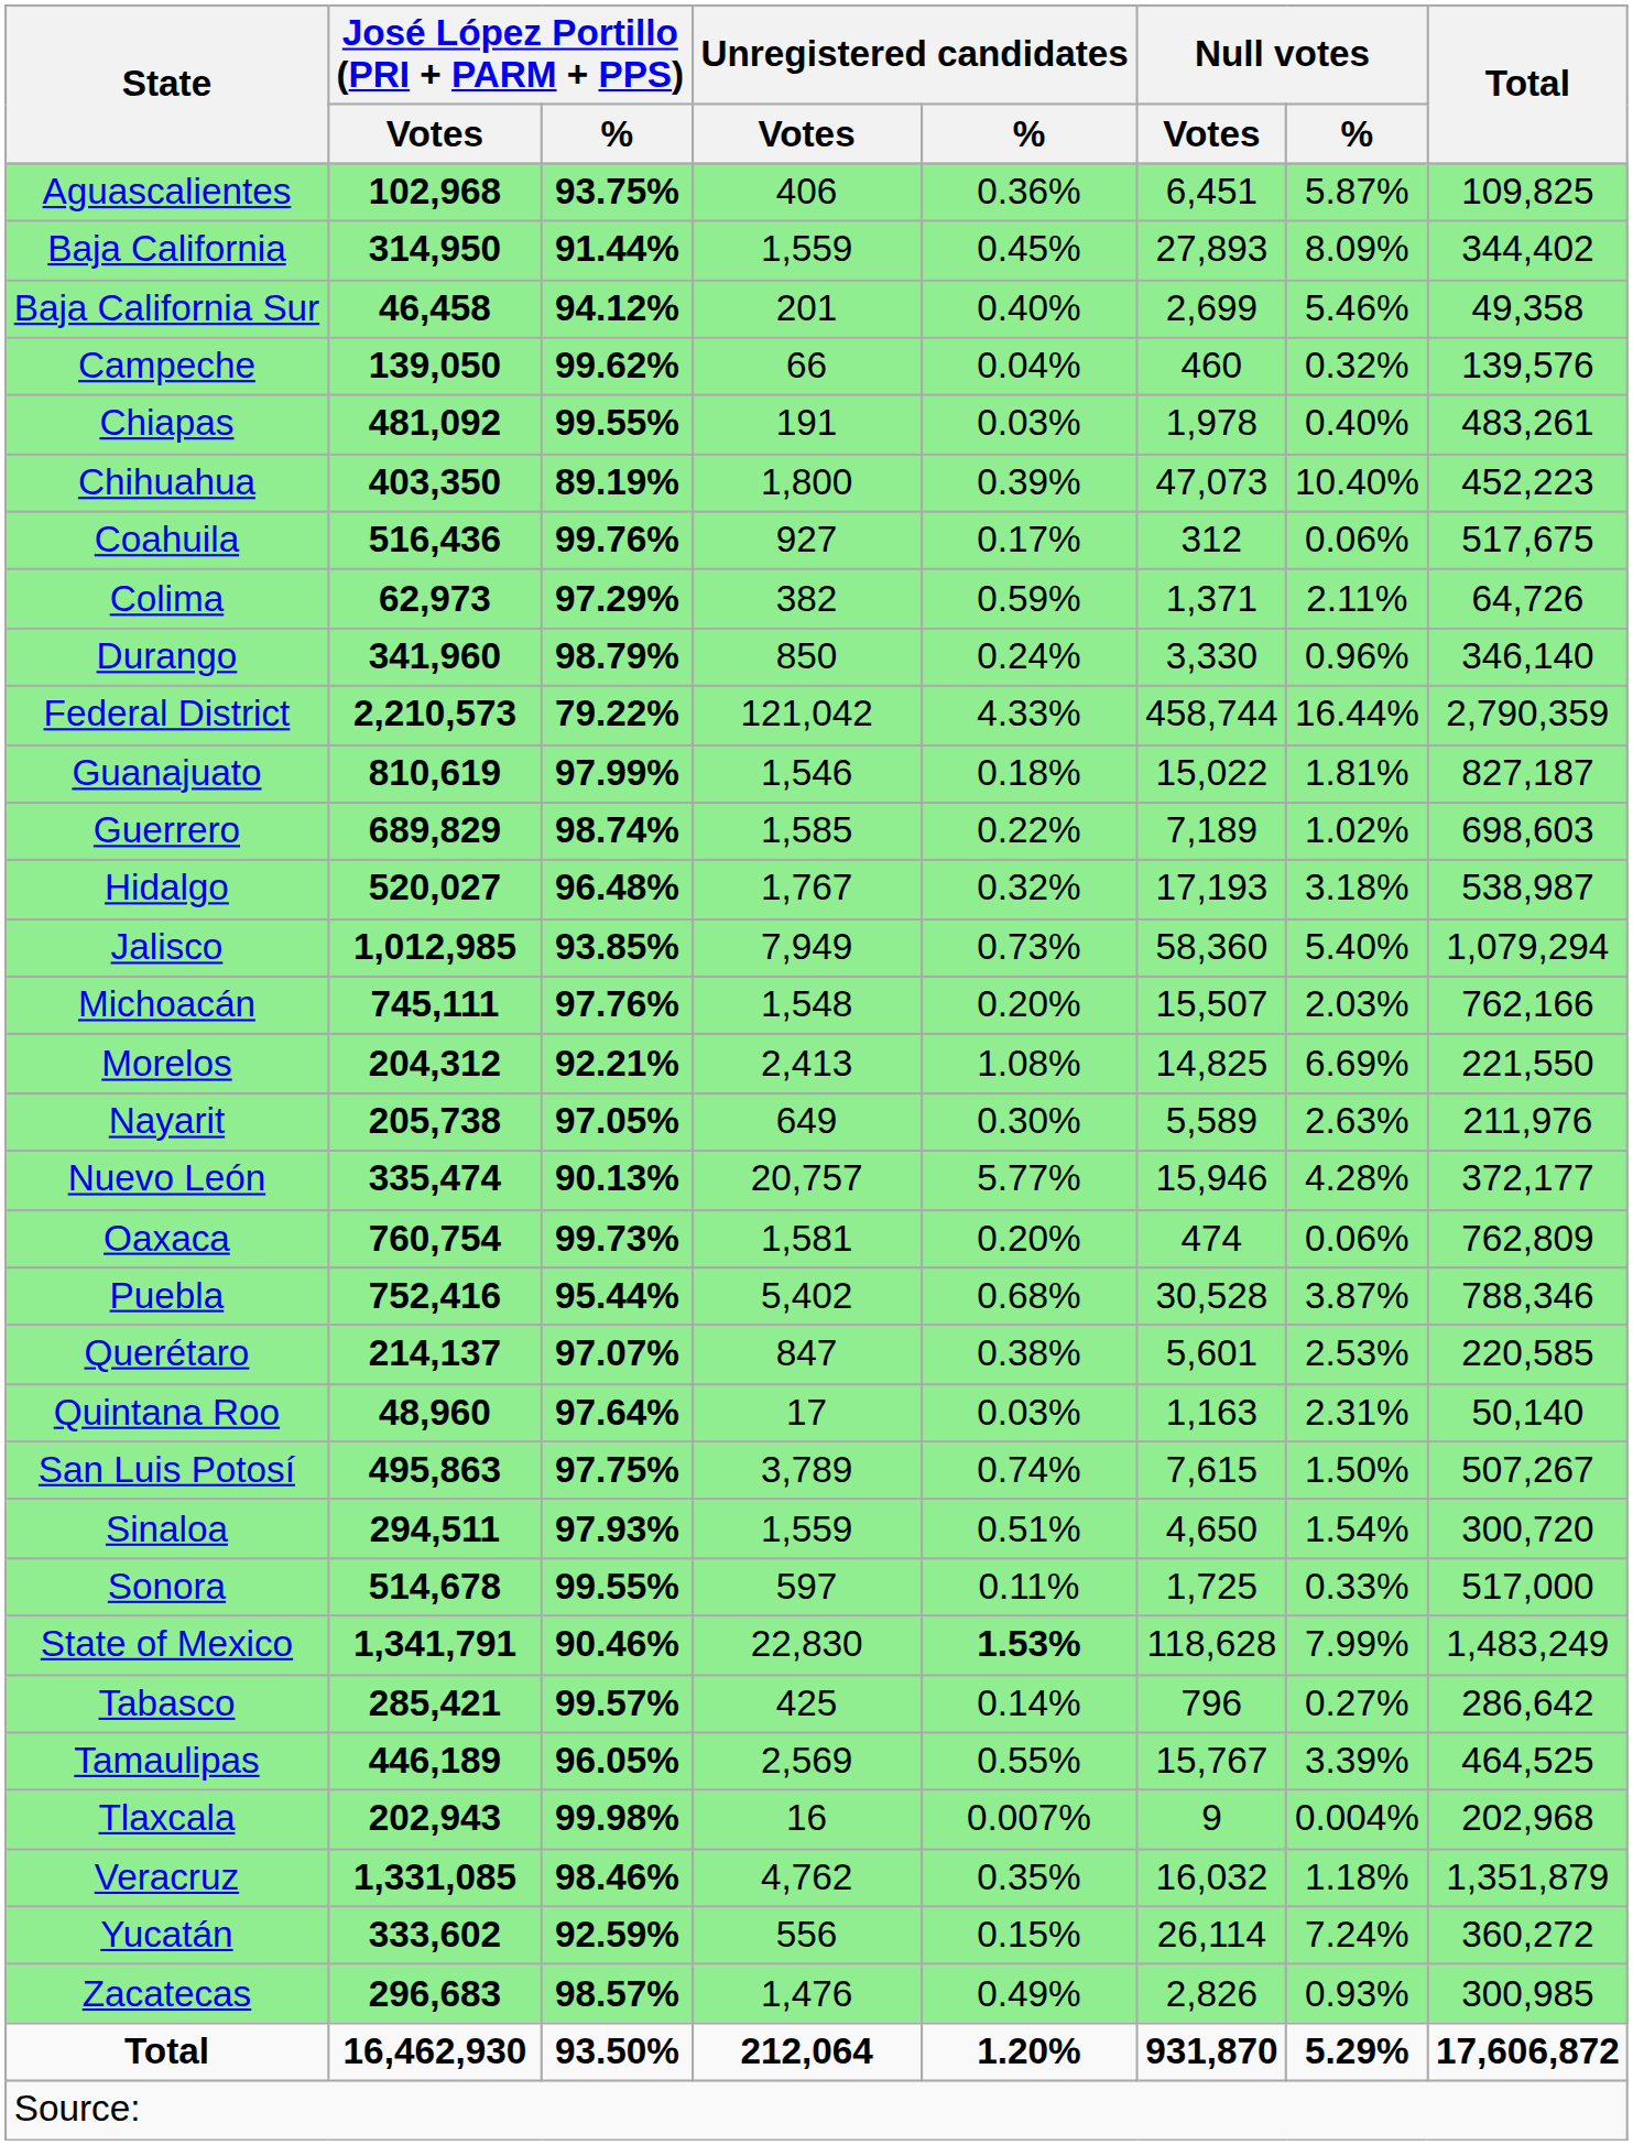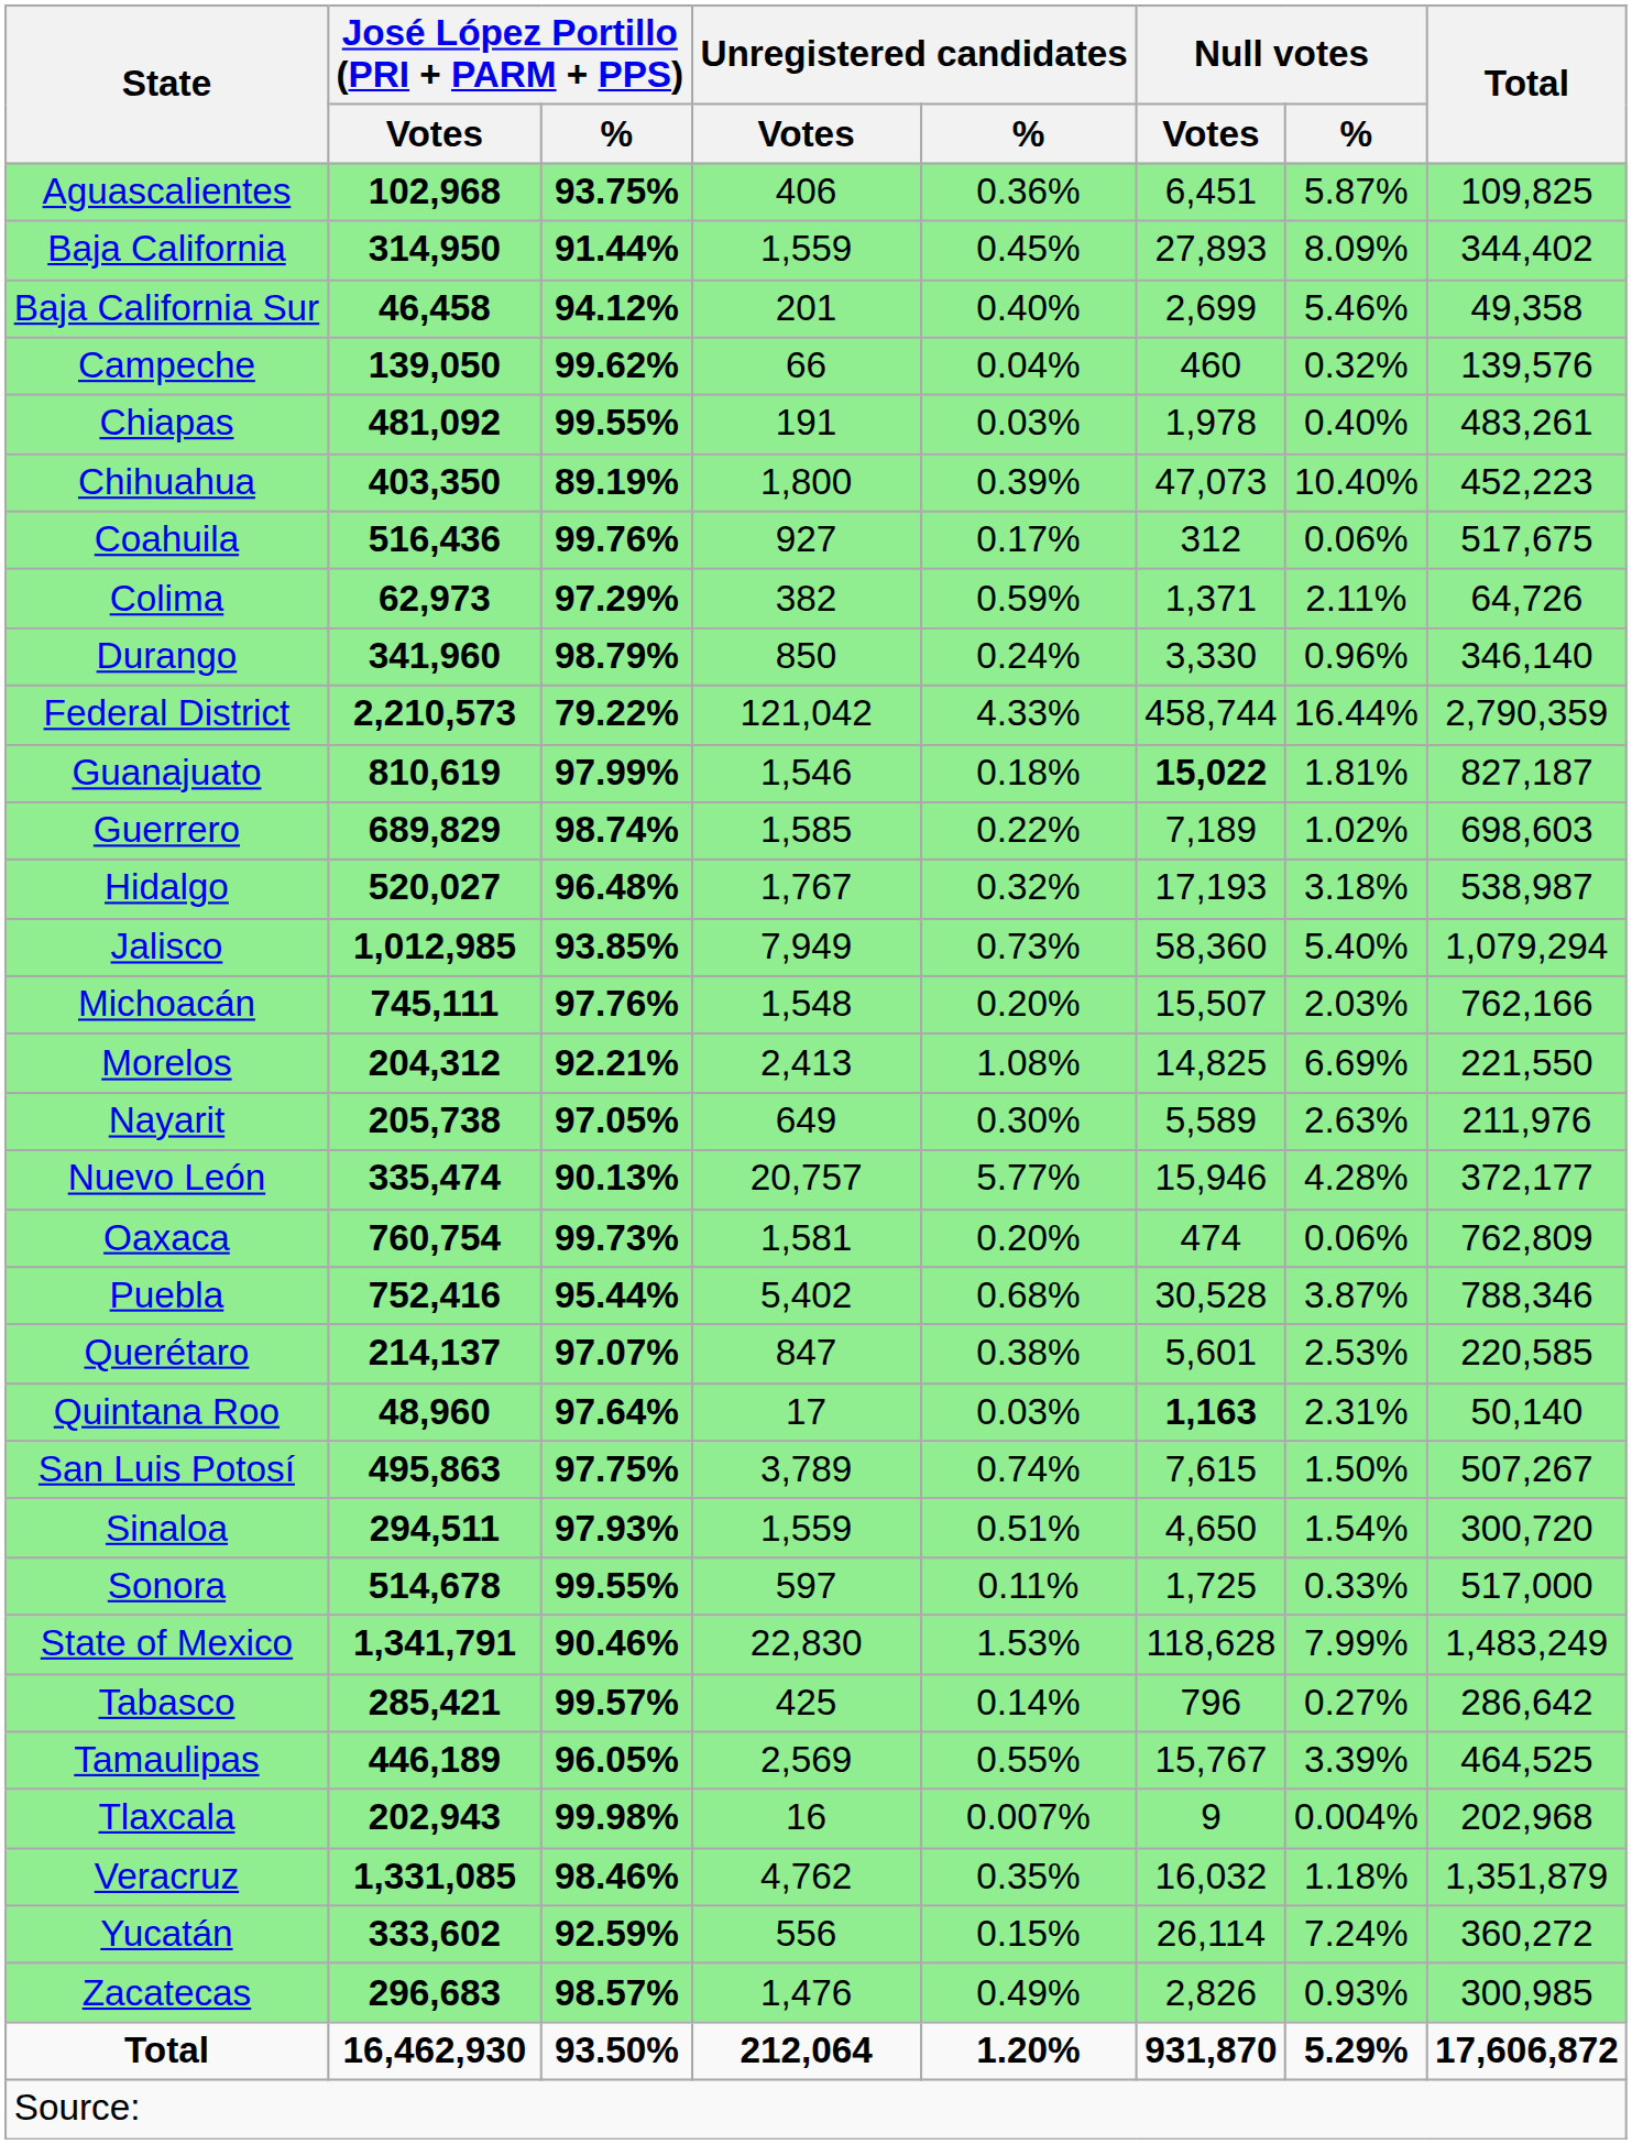 <table class="wikitable sortable" style="text-align: center;">
 <tr>
 <th rowspan=2>State</th>
 <th colspan=2><a href='#'>José López Portillo</a><br>(<a href='#'>PRI</a> + <a href='#'>PARM</a> + <a href='#'>PPS</a>)</th>
 <th colspan=2>Unregistered candidates</th>
 <th colspan=2>Null votes</th>
 <th rowspan=2 colspan=1>Total</th>
 </tr>
 <tr>
 <th>Votes</th>
 <th>%</th>
 <th>Votes</th>
 <th>%</th>
 <th>Votes</th>
 <th>%</th>
 </tr>
 <tr bgcolor=lightgreen>
 <td><a href='#'>Aguascalientes</a></td>
 <td><strong>102,968</strong></td>
 <td><strong>93.75%</strong></td>
 <td>406</td>
 <td>0.36%</td>
 <td>6,451</td>
 <td>5.87%</td>
 <td>109,825</td>
 </tr>
 <tr bgcolor=lightgreen>
 <td><a href='#'>Baja California</a></td>
 <td><strong>314,950</strong></td>
 <td><strong>91.44%</strong></td>
 <td>1,559</td>
 <td>0.45%</td>
 <td>27,893</td>
 <td>8.09%</td>
 <td>344,402</td>
 </tr>
 <tr bgcolor=lightgreen>
 <td><a href='#'>Baja California Sur</a></td>
 <td><strong>46,458</strong></td>
 <td><strong>94.12%</strong></td>
 <td>201</td>
 <td>0.40%</td>
 <td>2,699</td>
 <td>5.46%</td>
 <td>49,358</td>
 </tr>
 <tr bgcolor=lightgreen>
 <td><a href='#'>Campeche</a></td>
 <td><strong>139,050</strong></td>
 <td><strong>99.62%</strong></td>
 <td>66</td>
 <td>0.04%</td>
 <td>460</td>
 <td>0.32%</td>
 <td>139,576</td>
 </tr>
 <tr bgcolor=lightgreen>
 <td><a href='#'>Chiapas</a></td>
 <td><strong>481,092</strong></td>
 <td><strong>99.55%</strong></td>
 <td>191</td>
 <td>0.03%</td>
 <td>1,978</td>
 <td>0.40%</td>
 <td>483,261</td>
 </tr>
 <tr bgcolor=lightgreen>
 <td><a href='#'>Chihuahua</a></td>
 <td><strong>403,350</strong></td>
 <td><strong>89.19%</strong></td>
 <td>1,800</td>
 <td>0.39%</td>
 <td>47,073</td>
 <td>10.40%</td>
 <td>452,223</td>
 </tr>
 <tr bgcolor=lightgreen>
 <td><a href='#'>Coahuila</a></td>
 <td><strong>516,436</strong></td>
 <td><strong>99.76%</strong></td>
 <td>927</td>
 <td>0.17%</td>
 <td>312</td>
 <td>0.06%</td>
 <td>517,675</td>
 </tr>
 <tr bgcolor=lightgreen>
 <td><a href='#'>Colima</a></td>
 <td><strong>62,973</strong></td>
 <td><strong>97.29%</strong></td>
 <td>382</td>
 <td>0.59%</td>
 <td>1,371</td>
 <td>2.11%</td>
 <td>64,726</td>
 </tr>
 <tr bgcolor=lightgreen>
 <td><a href='#'>Durango</a></td>
 <td><strong>341,960</strong></td>
 <td><strong>98.79%</strong></td>
 <td>850</td>
 <td>0.24%</td>
 <td>3,330</td>
 <td>0.96%</td>
 <td>346,140</td>
 </tr>
 <tr bgcolor=lightgreen>
 <td><a href='#'>Federal District</a></td>
 <td><strong>2,210,573</strong></td>
 <td><strong>79.22%</strong></td>
 <td>121,042</td>
 <td>4.33%</td>
 <td>458,744</td>
 <td>16.44%</td>
 <td>2,790,359</td>
 </tr>
 <tr bgcolor=lightgreen>
 <td><a href='#'>Guanajuato</a></td>
 <td><strong>810,619</strong></td>
 <td><strong>97.99%</strong></td>
 <td>1,546</td>
 <td>0.18%</td>
-<td>15,022</td>
+<td><strong>15,022</strong></td>
 <td>1.81%</td>
 <td>827,187</td>
 </tr>
 <tr bgcolor=lightgreen>
 <td><a href='#'>Guerrero</a></td>
 <td><strong>689,829</strong></td>
 <td><strong>98.74%</strong></td>
 <td>1,585</td>
 <td>0.22%</td>
 <td>7,189</td>
 <td>1.02%</td>
 <td>698,603</td>
 </tr>
 <tr bgcolor=lightgreen>
 <td><a href='#'>Hidalgo</a></td>
 <td><strong>520,027</strong></td>
 <td><strong>96.48%</strong></td>
 <td>1,767</td>
 <td>0.32%</td>
 <td>17,193</td>
 <td>3.18%</td>
 <td>538,987</td>
 </tr>
 <tr bgcolor=lightgreen>
 <td><a href='#'>Jalisco</a></td>
 <td><strong>1,012,985</strong></td>
 <td><strong>93.85%</strong></td>
 <td>7,949</td>
 <td>0.73%</td>
 <td>58,360</td>
 <td>5.40%</td>
 <td>1,079,294</td>
 </tr>
 <tr bgcolor=lightgreen>
 <td><a href='#'>Michoacán</a></td>
 <td><strong>745,111</strong></td>
 <td><strong>97.76%</strong></td>
 <td>1,548</td>
 <td>0.20%</td>
 <td>15,507</td>
 <td>2.03%</td>
 <td>762,166</td>
 </tr>
 <tr bgcolor=lightgreen>
 <td><a href='#'>Morelos</a></td>
 <td><strong>204,312</strong></td>
 <td><strong>92.21%</strong></td>
 <td>2,413</td>
 <td>1.08%</td>
 <td>14,825</td>
 <td>6.69%</td>
 <td>221,550</td>
 </tr>
 <tr bgcolor=lightgreen>
 <td><a href='#'>Nayarit</a></td>
 <td><strong>205,738</strong></td>
 <td><strong>97.05%</strong></td>
 <td>649</td>
 <td>0.30%</td>
 <td>5,589</td>
 <td>2.63%</td>
 <td>211,976</td>
 </tr>
 <tr bgcolor=lightgreen>
 <td><a href='#'>Nuevo León</a></td>
 <td><strong>335,474</strong></td>
 <td><strong>90.13%</strong></td>
 <td>20,757</td>
 <td>5.77%</td>
 <td>15,946</td>
 <td>4.28%</td>
 <td>372,177</td>
 </tr>
 <tr bgcolor=lightgreen>
 <td><a href='#'>Oaxaca</a></td>
 <td><strong>760,754</strong></td>
 <td><strong>99.73%</strong></td>
 <td>1,581</td>
 <td>0.20%</td>
 <td>474</td>
 <td>0.06%</td>
 <td>762,809</td>
 </tr>
 <tr bgcolor=lightgreen>
 <td><a href='#'>Puebla</a></td>
 <td><strong>752,416</strong></td>
 <td><strong>95.44%</strong></td>
 <td>5,402</td>
 <td>0.68%</td>
 <td>30,528</td>
 <td>3.87%</td>
 <td>788,346</td>
 </tr>
 <tr bgcolor=lightgreen>
 <td><a href='#'>Querétaro</a></td>
 <td><strong>214,137</strong></td>
 <td><strong>97.07%</strong></td>
 <td>847</td>
 <td>0.38%</td>
 <td>5,601</td>
 <td>2.53%</td>
 <td>220,585</td>
 </tr>
 <tr bgcolor=lightgreen>
 <td><a href='#'>Quintana Roo</a></td>
 <td><strong>48,960</strong></td>
 <td><strong>97.64%</strong></td>
 <td>17</td>
 <td>0.03%</td>
-<td>1,163</td>
+<td><strong>1,163</strong></td>
 <td>2.31%</td>
 <td>50,140</td>
 </tr>
 <tr bgcolor=lightgreen>
 <td><a href='#'>San Luis Potosí</a></td>
 <td><strong>495,863</strong></td>
 <td><strong>97.75%</strong></td>
 <td>3,789</td>
 <td>0.74%</td>
 <td>7,615</td>
 <td>1.50%</td>
 <td>507,267</td>
 </tr>
 <tr bgcolor=lightgreen>
 <td><a href='#'>Sinaloa</a></td>
 <td><strong>294,511</strong></td>
 <td><strong>97.93%</strong></td>
 <td>1,559</td>
 <td>0.51%</td>
 <td>4,650</td>
 <td>1.54%</td>
 <td>300,720</td>
 </tr>
 <tr bgcolor=lightgreen>
 <td><a href='#'>Sonora</a></td>
 <td><strong>514,678</strong></td>
 <td><strong>99.55%</strong></td>
 <td>597</td>
 <td>0.11%</td>
 <td>1,725</td>
 <td>0.33%</td>
 <td>517,000</td>
 </tr>
 <tr bgcolor=lightgreen>
 <td><a href='#'>State of Mexico</a></td>
 <td><strong>1,341,791</strong></td>
 <td><strong>90.46%</strong></td>
 <td>22,830</td>
-<td><strong>1.53%</strong></td>
+<td>1.53%</td>
 <td>118,628</td>
 <td>7.99%</td>
 <td>1,483,249</td>
 </tr>
 <tr bgcolor=lightgreen>
 <td><a href='#'>Tabasco</a></td>
 <td><strong>285,421</strong></td>
 <td><strong>99.57%</strong></td>
 <td>425</td>
 <td>0.14%</td>
 <td>796</td>
 <td>0.27%</td>
 <td>286,642</td>
 </tr>
 <tr bgcolor=lightgreen>
 <td><a href='#'>Tamaulipas</a></td>
 <td><strong>446,189</strong></td>
 <td><strong>96.05%</strong></td>
 <td>2,569</td>
 <td>0.55%</td>
 <td>15,767</td>
 <td>3.39%</td>
 <td>464,525</td>
 </tr>
 <tr bgcolor=lightgreen>
 <td><a href='#'>Tlaxcala</a></td>
 <td><strong>202,943</strong></td>
 <td><strong>99.98%</strong></td>
 <td>16</td>
 <td>0.007%</td>
 <td>9</td>
 <td>0.004%</td>
 <td>202,968</td>
 </tr>
 <tr bgcolor=lightgreen>
 <td><a href='#'>Veracruz</a></td>
 <td><strong>1,331,085</strong></td>
 <td><strong>98.46%</strong></td>
 <td>4,762</td>
 <td>0.35%</td>
 <td>16,032</td>
 <td>1.18%</td>
 <td>1,351,879</td>
 </tr>
 <tr bgcolor=lightgreen>
 <td><a href='#'>Yucatán</a></td>
 <td><strong>333,602</strong></td>
 <td><strong>92.59%</strong></td>
 <td>556</td>
 <td>0.15%</td>
 <td>26,114</td>
 <td>7.24%</td>
 <td>360,272</td>
 </tr>
 <tr bgcolor=lightgreen>
 <td><a href='#'>Zacatecas</a></td>
 <td><strong>296,683</strong></td>
 <td><strong>98.57%</strong></td>
 <td>1,476</td>
 <td>0.49%</td>
 <td>2,826</td>
 <td>0.93%</td>
 <td>300,985</td>
 </tr>
 <tr style="font-weight:bold">
 <td>Total</td>
 <td>16,462,930</td>
 <td>93.50%</td>
 <td>212,064</td>
 <td>1.20%</td>
 <td>931,870</td>
 <td>5.29%</td>
 <td>17,606,872</td>
 </tr>
 <tr>
 <td colspan=8 align=left>Source: </td>
 </tr>
 </table>
